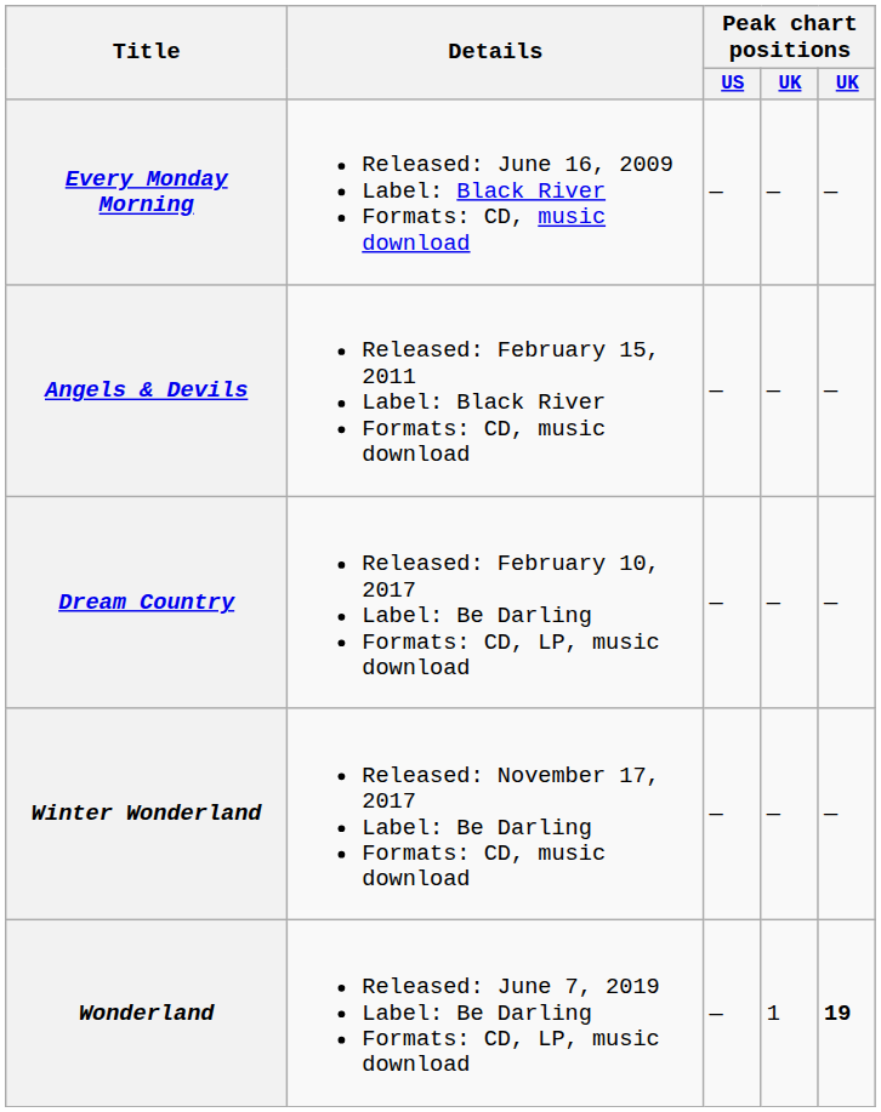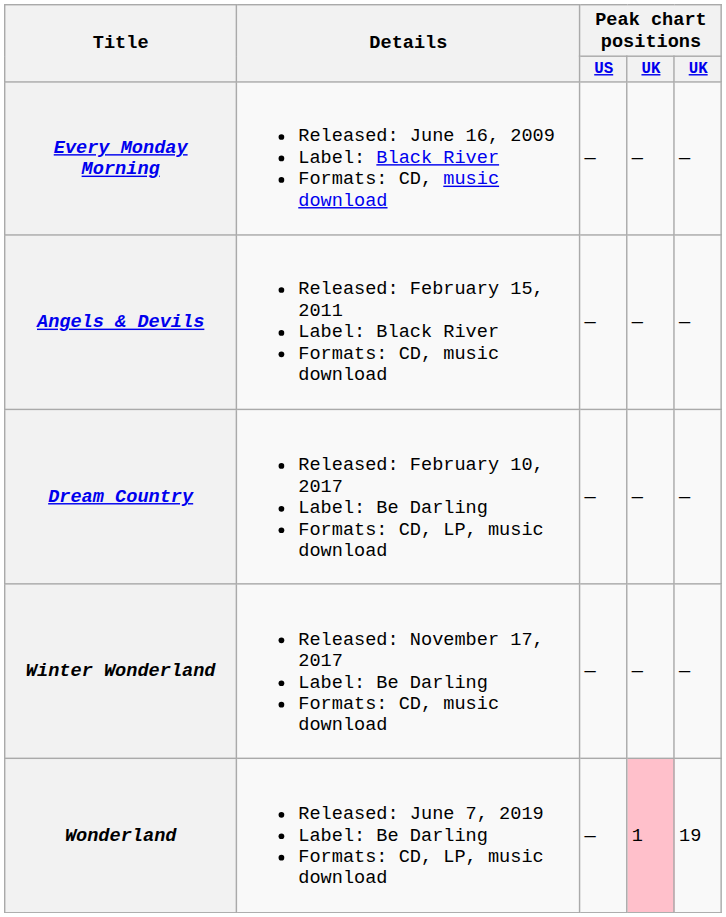 <table class="wikitable plainrowheaders" style="text-align:left;">
 <tr>
 <th scope="col" rowspan="2" style="width:12em;">Title</th>
 <th scope="col" rowspan="2" style="width:18em;">Details</th>
 <th scope="col" colspan="7">Peak chart positions</th>
 </tr>
 <tr>
 <th scope="col" style="width:2.5em;font-size:85%;"><a href='#'>US </a></th>
 <th scope="col" style="width:2.5em;font-size:85%;"><a href='#'>UK </a><br></th>
 <th scope="col" style="width:2.5em;font-size:85%;"><a href='#'>UK </a><br></th>
 </tr>
 <tr>
 <th scope="row"><em><a href='#'>Every Monday Morning</a></em></th>
 <td><br><ul><li>Released: June 16, 2009</li><li>Label: <a href='#'>Black River</a></li><li>Formats: CD, <a href='#'>music download</a></li></ul></td>
 <td>—</td>
 <td>—</td>
 <td>—</td>
 </tr>
 <tr>
 <th scope="row"><em><a href='#'>Angels & Devils</a></em></th>
 <td><br><ul><li>Released: February 15, 2011</li><li>Label: Black River</li><li>Formats: CD, music download</li></ul></td>
 <td>—</td>
 <td>—</td>
 <td>—</td>
 </tr>
 <tr>
 <th scope="row"><em><a href='#'>Dream Country</a></em></th>
 <td><br><ul><li>Released: February 10, 2017</li><li>Label: Be Darling</li><li>Formats: CD, LP, music download</li></ul></td>
 <td>—</td>
 <td>—</td>
 <td>—</td>
 </tr>
 <tr>
 <th scope="row"><em>Winter Wonderland</em></th>
 <td><br><ul><li>Released: November 17, 2017</li><li>Label: Be Darling</li><li>Formats: CD, music download</li></ul></td>
 <td>—</td>
 <td>—</td>
 <td>—</td>
 </tr>
 <tr>
 <th scope="row"><em>Wonderland</em></th>
 <td><br><ul><li>Released: June 7, 2019</li><li>Label: Be Darling</li><li>Formats: CD, LP, music download</li></ul></td>
 <td>—</td>
-<td>1</td>
-<td><strong>19</strong></td>
+<td style="background: pink;">1</td>
+<td>19</td>
 </tr>
 </table>
